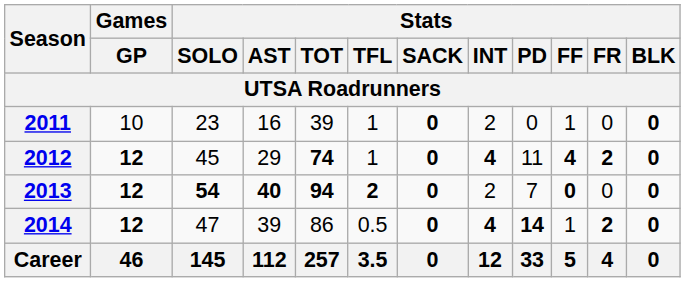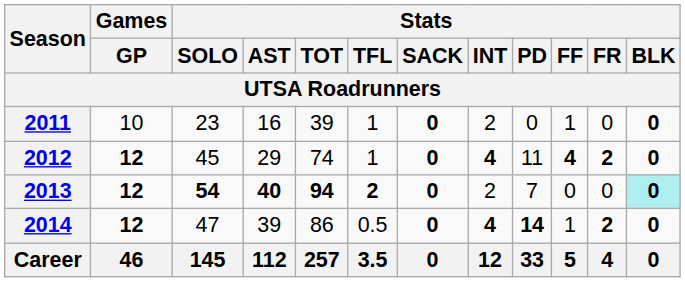 <table class="wikitable" style="text-align:center;">
 <tr>
 <th rowspan="2">Season</th>
 <th colspan="1">Games</th>
 <th colspan="10">Stats</th>
 </tr>
 <tr>
 <th>GP</th>
 <th>SOLO</th>
 <th>AST</th>
 <th>TOT</th>
 <th>TFL</th>
 <th>SACK</th>
 <th>INT</th>
 <th>PD</th>
 <th>FF</th>
 <th>FR</th>
 <th>BLK</th>
 </tr>
 <tr>
 <th colspan="12">UTSA Roadrunners</th>
 </tr>
 <tr>
 <th><a href='#'>2011</a></th>
 <td>10</td>
 <td>23</td>
 <td>16</td>
 <td>39</td>
 <td>1</td>
 <td><strong>0</strong></td>
 <td>2</td>
 <td>0</td>
 <td>1</td>
 <td>0</td>
 <td><strong>0</strong></td>
 </tr>
 <tr>
 <th><a href='#'>2012</a></th>
 <td><strong>12</strong></td>
 <td>45</td>
 <td>29</td>
-<td><strong>74</strong></td>
+<td>74</td>
 <td>1</td>
 <td><strong>0</strong></td>
 <td><strong>4</strong></td>
 <td>11</td>
 <td><strong>4</strong></td>
 <td><strong>2</strong></td>
 <td><strong>0</strong></td>
 </tr>
 <tr>
 <th><a href='#'>2013</a></th>
 <td><strong>12</strong></td>
 <td><strong>54</strong></td>
 <td><strong>40</strong></td>
 <td><strong>94</strong></td>
 <td><strong>2</strong></td>
 <td><strong>0</strong></td>
 <td>2</td>
 <td>7</td>
-<td><strong>0</strong></td>
 <td>0</td>
-<td><strong>0</strong></td>
+<td>0</td>
+<td style="background: paleturquoise;"><strong>0</strong></td>
 </tr>
 <tr>
 <th><a href='#'>2014</a></th>
 <td><strong>12</strong></td>
 <td>47</td>
 <td>39</td>
 <td>86</td>
 <td>0.5</td>
 <td><strong>0</strong></td>
 <td><strong>4</strong></td>
 <td><strong>14</strong></td>
 <td>1</td>
 <td><strong>2</strong></td>
 <td><strong>0</strong></td>
 </tr>
 <tr>
 <th>Career</th>
 <th>46</th>
 <th>145</th>
 <th>112</th>
 <th>257</th>
 <th>3.5</th>
 <th>0</th>
 <th>12</th>
 <th>33</th>
 <th>5</th>
 <th>4</th>
 <th>0</th>
 </tr>
 </table>
